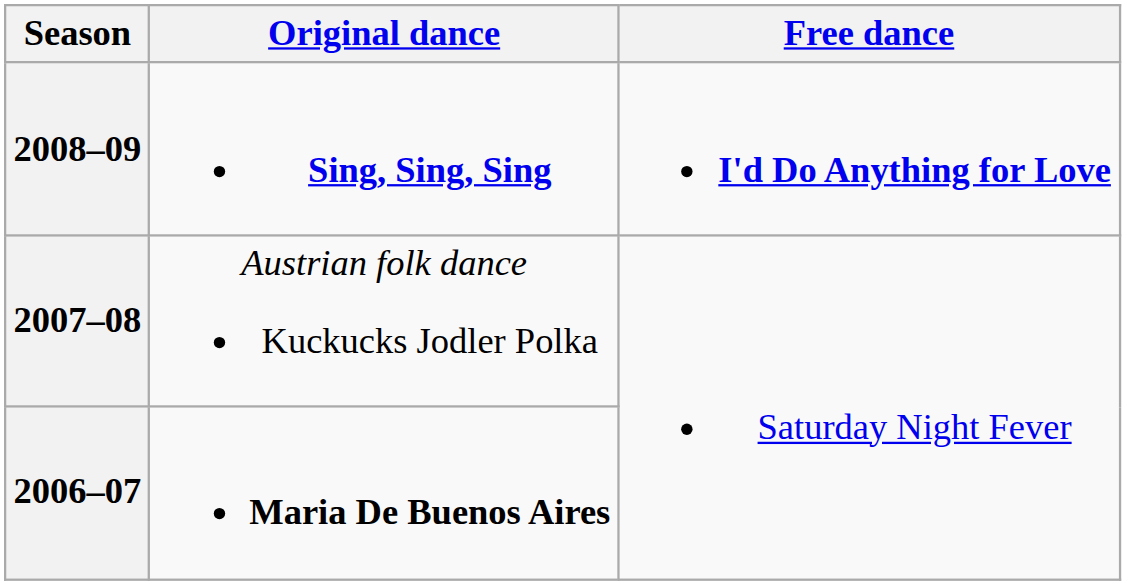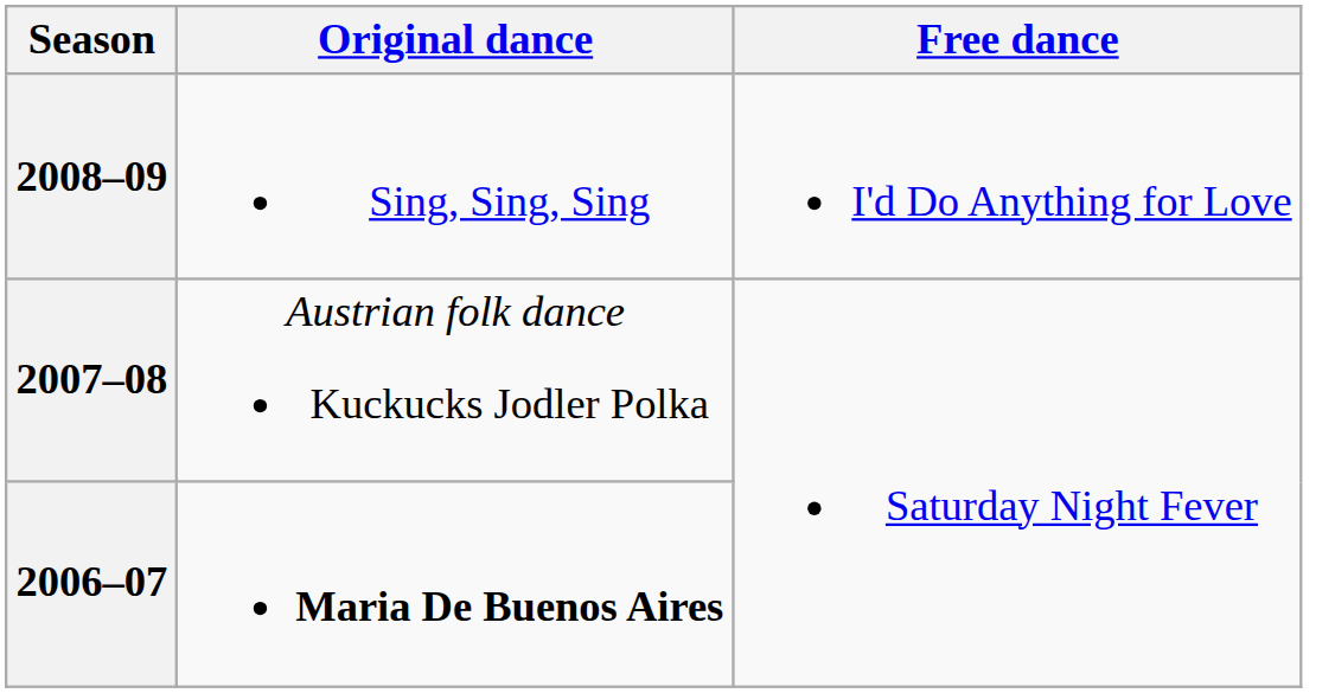 <table class=wikitable style=text-align:center>
 <tr>
 <th>Season</th>
 <th><a href='#'>Original dance</a></th>
 <th><a href='#'>Free dance</a></th>
 </tr>
 <tr>
 <th>2008–09 <br> </th>
-<td><strong><br><ul><li> <a href='#'>Sing, Sing, Sing</a> <br></li></ul></strong></td>
-<td><strong><br><ul><li><a href='#'>I'd Do Anything for Love</a> <br></li></ul></strong></td>
+<td><br><ul><li> <a href='#'>Sing, Sing, Sing</a> <br></li></ul></td>
+<td><br><ul><li><a href='#'>I'd Do Anything for Love</a> <br></li></ul></td>
 </tr>
 <tr>
 <th>2007–08 <br> </th>
 <td><em>Austrian folk dance</em><br><ul><li>Kuckucks Jodler Polka</li></ul></td>
 <td rowspan=2><br><ul><li><a href='#'>Saturday Night Fever</a> <br></li></ul></td>
 </tr>
 <tr>
 <th>2006–07 <br> </th>
 <td><strong><br><ul><li>Maria De Buenos Aires <br></li></ul></strong></td>
 </tr>
 </table>
